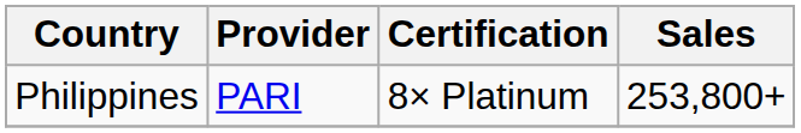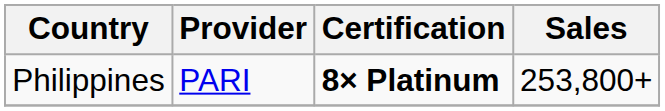 <table class="wikitable">
 <tr>
 <th>Country</th>
 <th>Provider</th>
 <th>Certification</th>
 <th>Sales</th>
 </tr>
 <tr>
 <td>Philippines</td>
 <td><a href='#'>PARI</a></td>
-<td>8× Platinum</td>
+<td><strong>8× Platinum</strong></td>
 <td>253,800+</td>
 </tr>
 <tr>
 </tr>
 </table>
